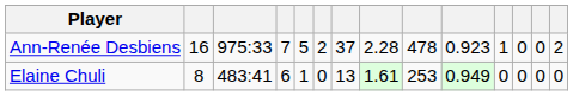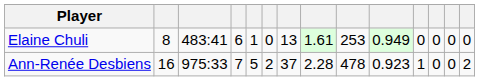 <table class="wikitable sortable" style="text-align:center">
 <tr>
 </tr>
 <tr>
 <th>Player</th>
 <th></th>
 <th></th>
 <th></th>
 <th></th>
 <th></th>
 <th></th>
 <th></th>
 <th></th>
 <th></th>
 <th></th>
 <th></th>
 <th></th>
 <th></th>
 </tr>
 <tr>
+<td style="text-align:left;"><a href='#'>Elaine Chuli</a></td>
+<td>8</td>
+<td>483:41</td>
+<td>6</td>
+<td>1</td>
+<td>0</td>
+<td>13</td>
+<td style="background:#DDFFDD;">1.61</td>
+<td>253</td>
+<td style="background:#DDFFDD;">0.949</td>
+<td>0</td>
+<td>0</td>
+<td>0</td>
+<td>0</td>
+</tr>
+<tr>
 <td style="text-align:left;"><a href='#'>Ann-Renée Desbiens</a></td>
 <td>16</td>
 <td>975:33</td>
 <td>7</td>
 <td>5</td>
 <td>2</td>
 <td>37</td>
 <td>2.28</td>
 <td>478</td>
 <td>0.923</td>
 <td>1</td>
 <td>0</td>
 <td>0</td>
 <td>2</td>
 </tr>
-<tr>
-<td style="text-align:left;"><a href='#'>Elaine Chuli</a></td>
-<td>8</td>
-<td>483:41</td>
-<td>6</td>
-<td>1</td>
-<td>0</td>
-<td>13</td>
-<td style="background:#DDFFDD;">1.61</td>
-<td>253</td>
-<td style="background:#DDFFDD;">0.949</td>
-<td>0</td>
-<td>0</td>
-<td>0</td>
-<td>0</td>
-</tr>
 </table>
